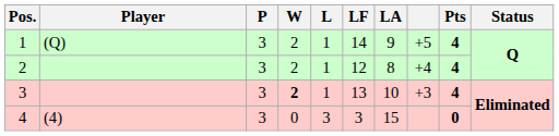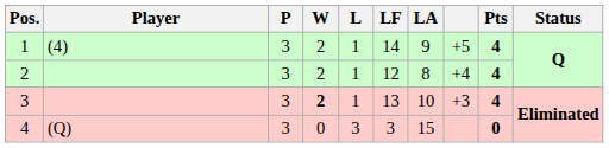 <table class="wikitable" style="text-align:center; margin: 1em auto 1em auto, align:left">
 <tr>
 <th width=25>Pos.</th>
 <th width=200>Player</th>
 <th width=25>P</th>
 <th width=25>W</th>
 <th width=25>L</th>
 <th width=25>LF</th>
 <th width=25>LA</th>
 <th width=25></th>
 <th width=25>Pts</th>
 <th width=75>Status</th>
 </tr>
 <tr style="background:#CCFFCC">
 <td>1</td>
-<td align=left>(Q)</td>
+<td align=left>(4)</td>
 <td>3</td>
 <td>2</td>
 <td>1</td>
 <td>14</td>
 <td>9</td>
 <td>+5</td>
 <td><strong>4</strong></td>
 <td rowspan=2><strong>Q</strong></td>
 </tr>
 <tr style="background:#CCFFCC">
 <td>2</td>
 <td align=left></td>
 <td>3</td>
 <td>2</td>
 <td>1</td>
 <td>12</td>
 <td>8</td>
 <td>+4</td>
 <td><strong>4</strong></td>
 </tr>
 <tr style="background:#FFCCCC">
 <td>3</td>
 <td align=left></td>
 <td>3</td>
 <td><strong>2</strong></td>
 <td>1</td>
 <td>13</td>
 <td>10</td>
 <td>+3</td>
 <td><strong>4</strong></td>
 <td rowspan=2><strong>Eliminated</strong></td>
 </tr>
 <tr style="background:#FFCCCC;">
 <td>4</td>
-<td align=left>(4)</td>
+<td align=left>(Q)</td>
 <td>3</td>
 <td>0</td>
 <td>3</td>
 <td>3</td>
 <td>15</td>
 <td></td>
 <td><strong>0</strong></td>
 </tr>
 </table>
